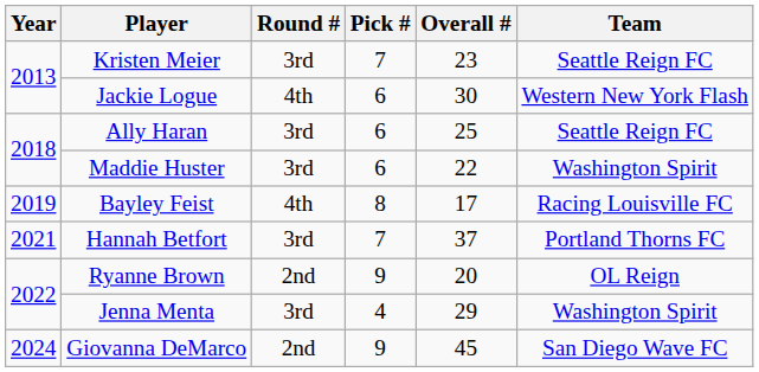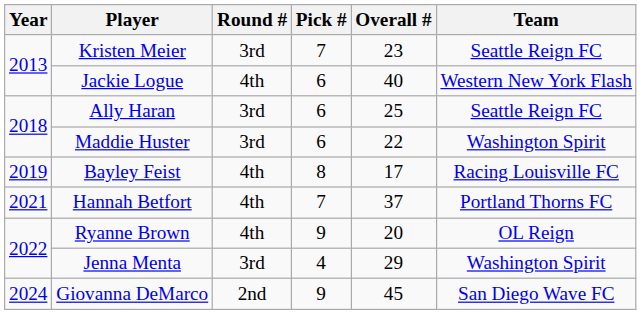 <table class="wikitable" style="text-align: center;">
 <tr>
 <th>Year</th>
 <th>Player</th>
 <th>Round #</th>
 <th>Pick #</th>
 <th>Overall #</th>
 <th>Team</th>
 </tr>
 <tr>
 <td rowspan=2><a href='#'>2013</a></td>
 <td><a href='#'>Kristen Meier</a></td>
 <td>3rd</td>
 <td>7</td>
 <td>23</td>
 <td><a href='#'>Seattle Reign FC</a></td>
 </tr>
 <tr>
 <td><a href='#'>Jackie Logue</a></td>
 <td>4th</td>
 <td>6</td>
-<td>30</td>
+<td>40</td>
 <td><a href='#'>Western New York Flash</a></td>
 </tr>
 <tr>
 <td rowspan=2><a href='#'>2018</a></td>
 <td><a href='#'>Ally Haran</a></td>
 <td>3rd</td>
 <td>6</td>
 <td>25</td>
 <td><a href='#'>Seattle Reign FC</a></td>
 </tr>
 <tr>
 <td><a href='#'>Maddie Huster</a></td>
 <td>3rd</td>
 <td>6</td>
 <td>22</td>
 <td><a href='#'>Washington Spirit</a></td>
 </tr>
 <tr>
 <td><a href='#'>2019</a></td>
 <td><a href='#'>Bayley Feist</a></td>
 <td>4th</td>
 <td>8</td>
 <td>17</td>
 <td><a href='#'>Racing Louisville FC</a></td>
 </tr>
 <tr>
 <td><a href='#'>2021</a></td>
 <td><a href='#'>Hannah Betfort</a></td>
-<td>3rd</td>
+<td>4th</td>
 <td>7</td>
 <td>37</td>
 <td><a href='#'>Portland Thorns FC</a></td>
 </tr>
 <tr>
 <td rowspan=2><a href='#'>2022</a></td>
 <td><a href='#'>Ryanne Brown</a></td>
-<td>2nd</td>
+<td>4th</td>
 <td>9</td>
 <td>20</td>
 <td><a href='#'>OL Reign</a></td>
 </tr>
 <tr>
 <td><a href='#'>Jenna Menta</a></td>
 <td>3rd</td>
 <td>4</td>
 <td>29</td>
 <td><a href='#'>Washington Spirit</a></td>
 </tr>
 <tr>
 <td><a href='#'>2024</a></td>
 <td><a href='#'>Giovanna DeMarco</a></td>
 <td>2nd</td>
 <td>9</td>
 <td>45</td>
 <td><a href='#'>San Diego Wave FC</a></td>
 </tr>
 </table>
